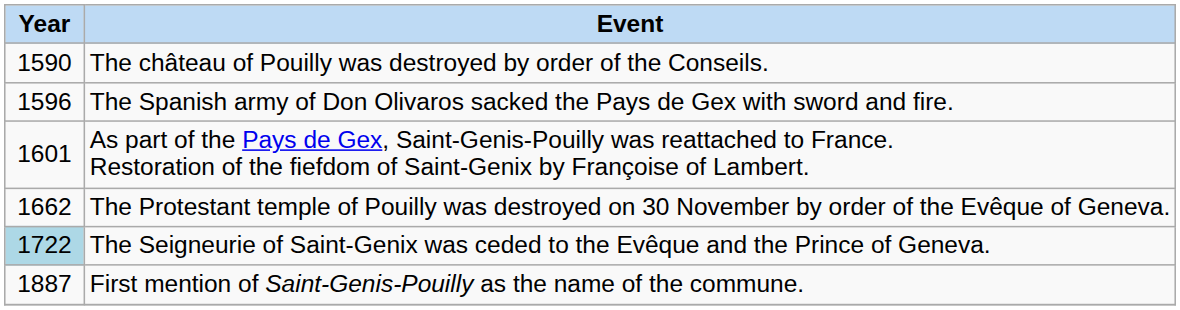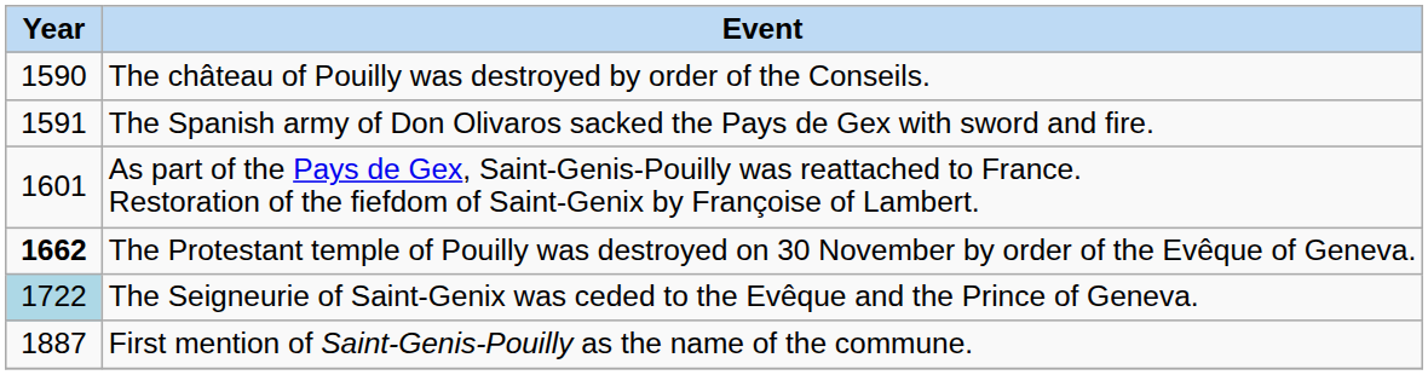 <table class="wikitable">
 <tr>
 <th style="background:#BEDAF4">Year</th>
 <th style="background:#BEDAF4">Event</th>
 </tr>
 <tr>
 <td> 1590 </td>
 <td align="left">The château of Pouilly was destroyed by order of the Conseils.</td>
 </tr>
 <tr>
-<td> 1596 </td>
+<td> 1591 </td>
 <td align="left">The Spanish army of Don Olivaros sacked the Pays de Gex  with sword and fire.</td>
 </tr>
 <tr>
 <td> 1601 </td>
 <td align="left">As part of the <a href='#'>Pays de Gex</a>, Saint-Genis-Pouilly was reattached to France.<br>Restoration of the fiefdom of Saint-Genix by Françoise of Lambert.</td>
 </tr>
 <tr>
-<td> 1662 </td>
+<td><strong> 1662 </strong></td>
 <td align="left">The Protestant temple of Pouilly was destroyed on 30 November by order of the Evêque of Geneva.</td>
 </tr>
 <tr>
 <td style="background: lightblue;"> 1722 </td>
 <td align="left">The Seigneurie of Saint-Genix was ceded to the Evêque and the Prince of Geneva.</td>
 </tr>
 <tr>
 <td> 1887 </td>
 <td align="left">First mention of <em>Saint-Genis-Pouilly</em> as the name of the commune.</td>
 </tr>
 <tr>
 </tr>
 </table>
